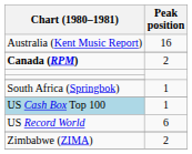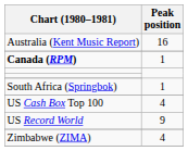 <table class="wikitable sortable">
 <tr>
 <th>Chart (1980–1981)</th>
 <th>Peak<br>position</th>
 </tr>
 <tr>
 <td>Australia (<a href='#'>Kent Music Report</a>)</td>
 <td style="text-align:center;">16</td>
 </tr>
 <tr>
 </tr>
 <tr>
 </tr>
 <tr>
 <td><strong>Canada (<a href='#'><em>RPM</em></a>)</strong></td>
-<td style="text-align:center;">2</td>
+<td style="text-align:center;">1</td>
 </tr>
 <tr>
 <td></td>
 </tr>
 <tr>
 <td></td>
 </tr>
 <tr>
 </tr>
 <tr>
 </tr>
 <tr>
 </tr>
 <tr>
 <td>South Africa (<a href='#'>Springbok</a>)</td>
 <td align="center">1</td>
 </tr>
 <tr>
 </tr>
 <tr>
 </tr>
 <tr>
 </tr>
 <tr>
 </tr>
 <tr>
 </tr>
 <tr>
-<td style="background: lightblue;">US <a href='#'><em>Cash Box</em></a> Top 100</td>
-<td align="center">1</td>
+<td>US <a href='#'><em>Cash Box</em></a> Top 100</td>
+<td align="center">4</td>
 </tr>
 <tr>
 <td>US <em><a href='#'>Record World</a></em></td>
-<td style="text-align:center;">6</td>
+<td style="text-align:center;">9</td>
 </tr>
 <tr>
 </tr>
 <tr>
 <td>Zimbabwe (<a href='#'>ZIMA</a>)</td>
-<td align="center">2</td>
+<td align="center">4</td>
 </tr>
 <tr>
 </tr>
 </table>
